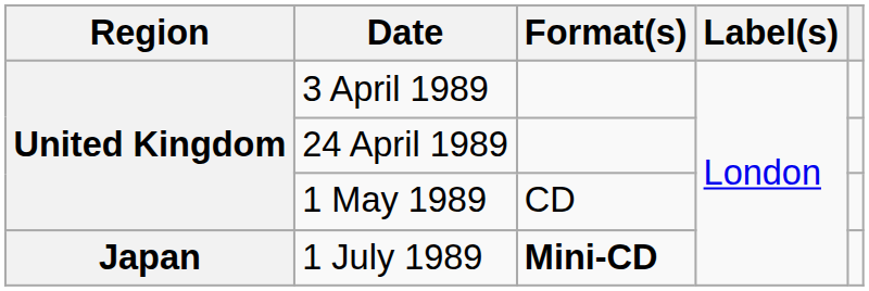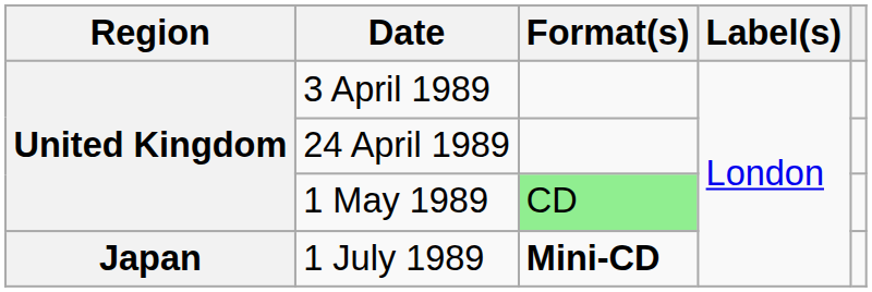 <table class="wikitable plainrowheaders">
 <tr>
 <th scope="col">Region</th>
 <th scope="col">Date</th>
 <th scope="col">Format(s)</th>
 <th scope="col">Label(s)</th>
 <th scope="col"></th>
 </tr>
 <tr>
 <th scope="row" rowspan="3">United Kingdom</th>
 <td>3 April 1989</td>
 <td></td>
 <td rowspan="4"><a href='#'>London</a></td>
 <td align="center"></td>
 </tr>
 <tr>
 <td>24 April 1989</td>
 <td></td>
 <td align="center"></td>
 </tr>
 <tr>
 <td>1 May 1989</td>
-<td>CD</td>
+<td style="background: lightgreen;">CD</td>
 <td align="center"></td>
 </tr>
 <tr>
 <th scope="row">Japan</th>
 <td>1 July 1989</td>
 <td><strong>Mini-CD</strong></td>
 <td align="center"></td>
 </tr>
 </table>
